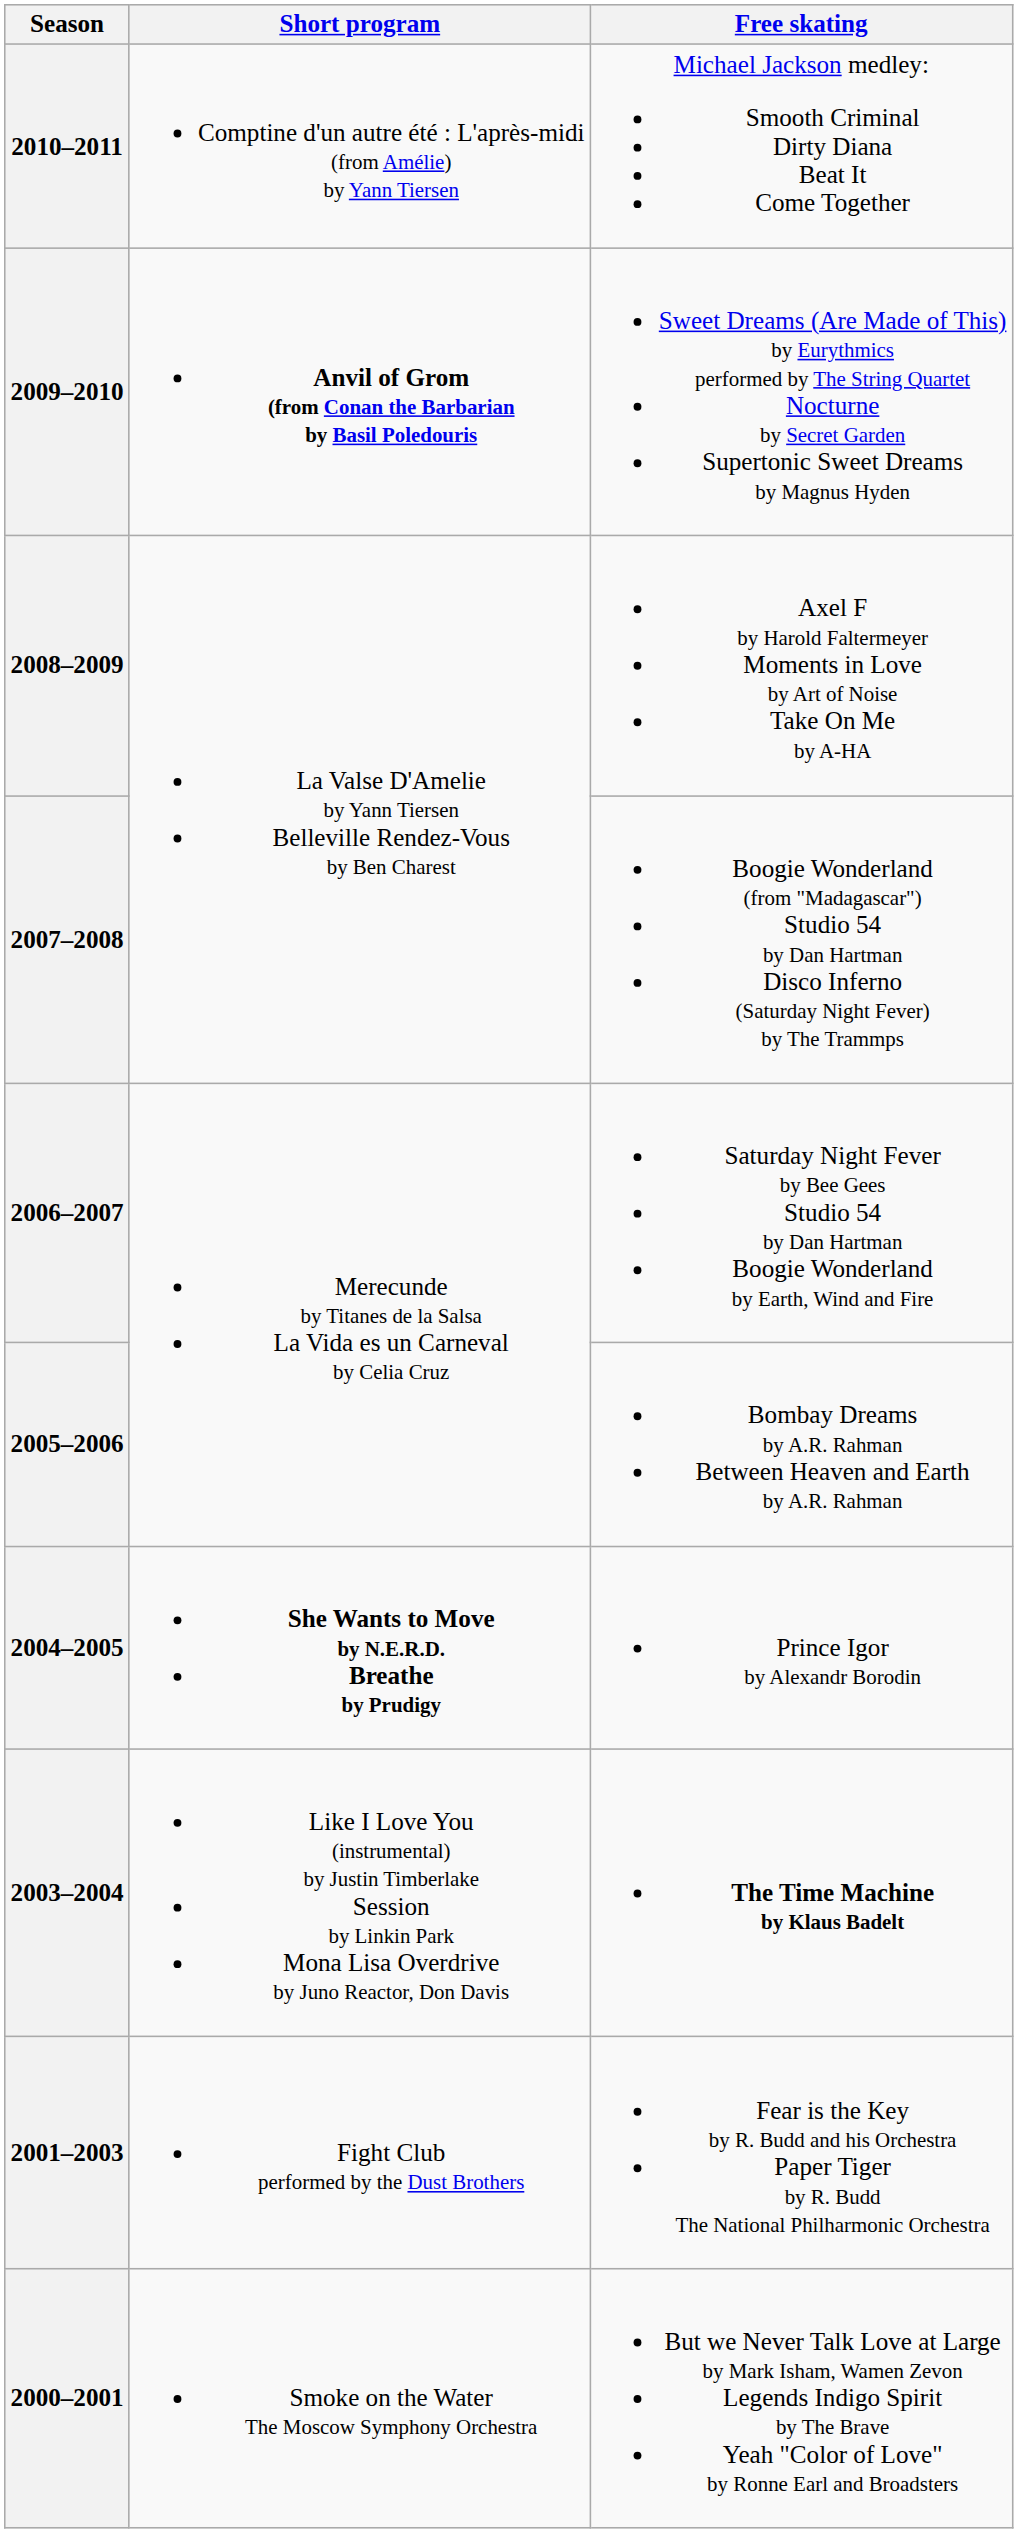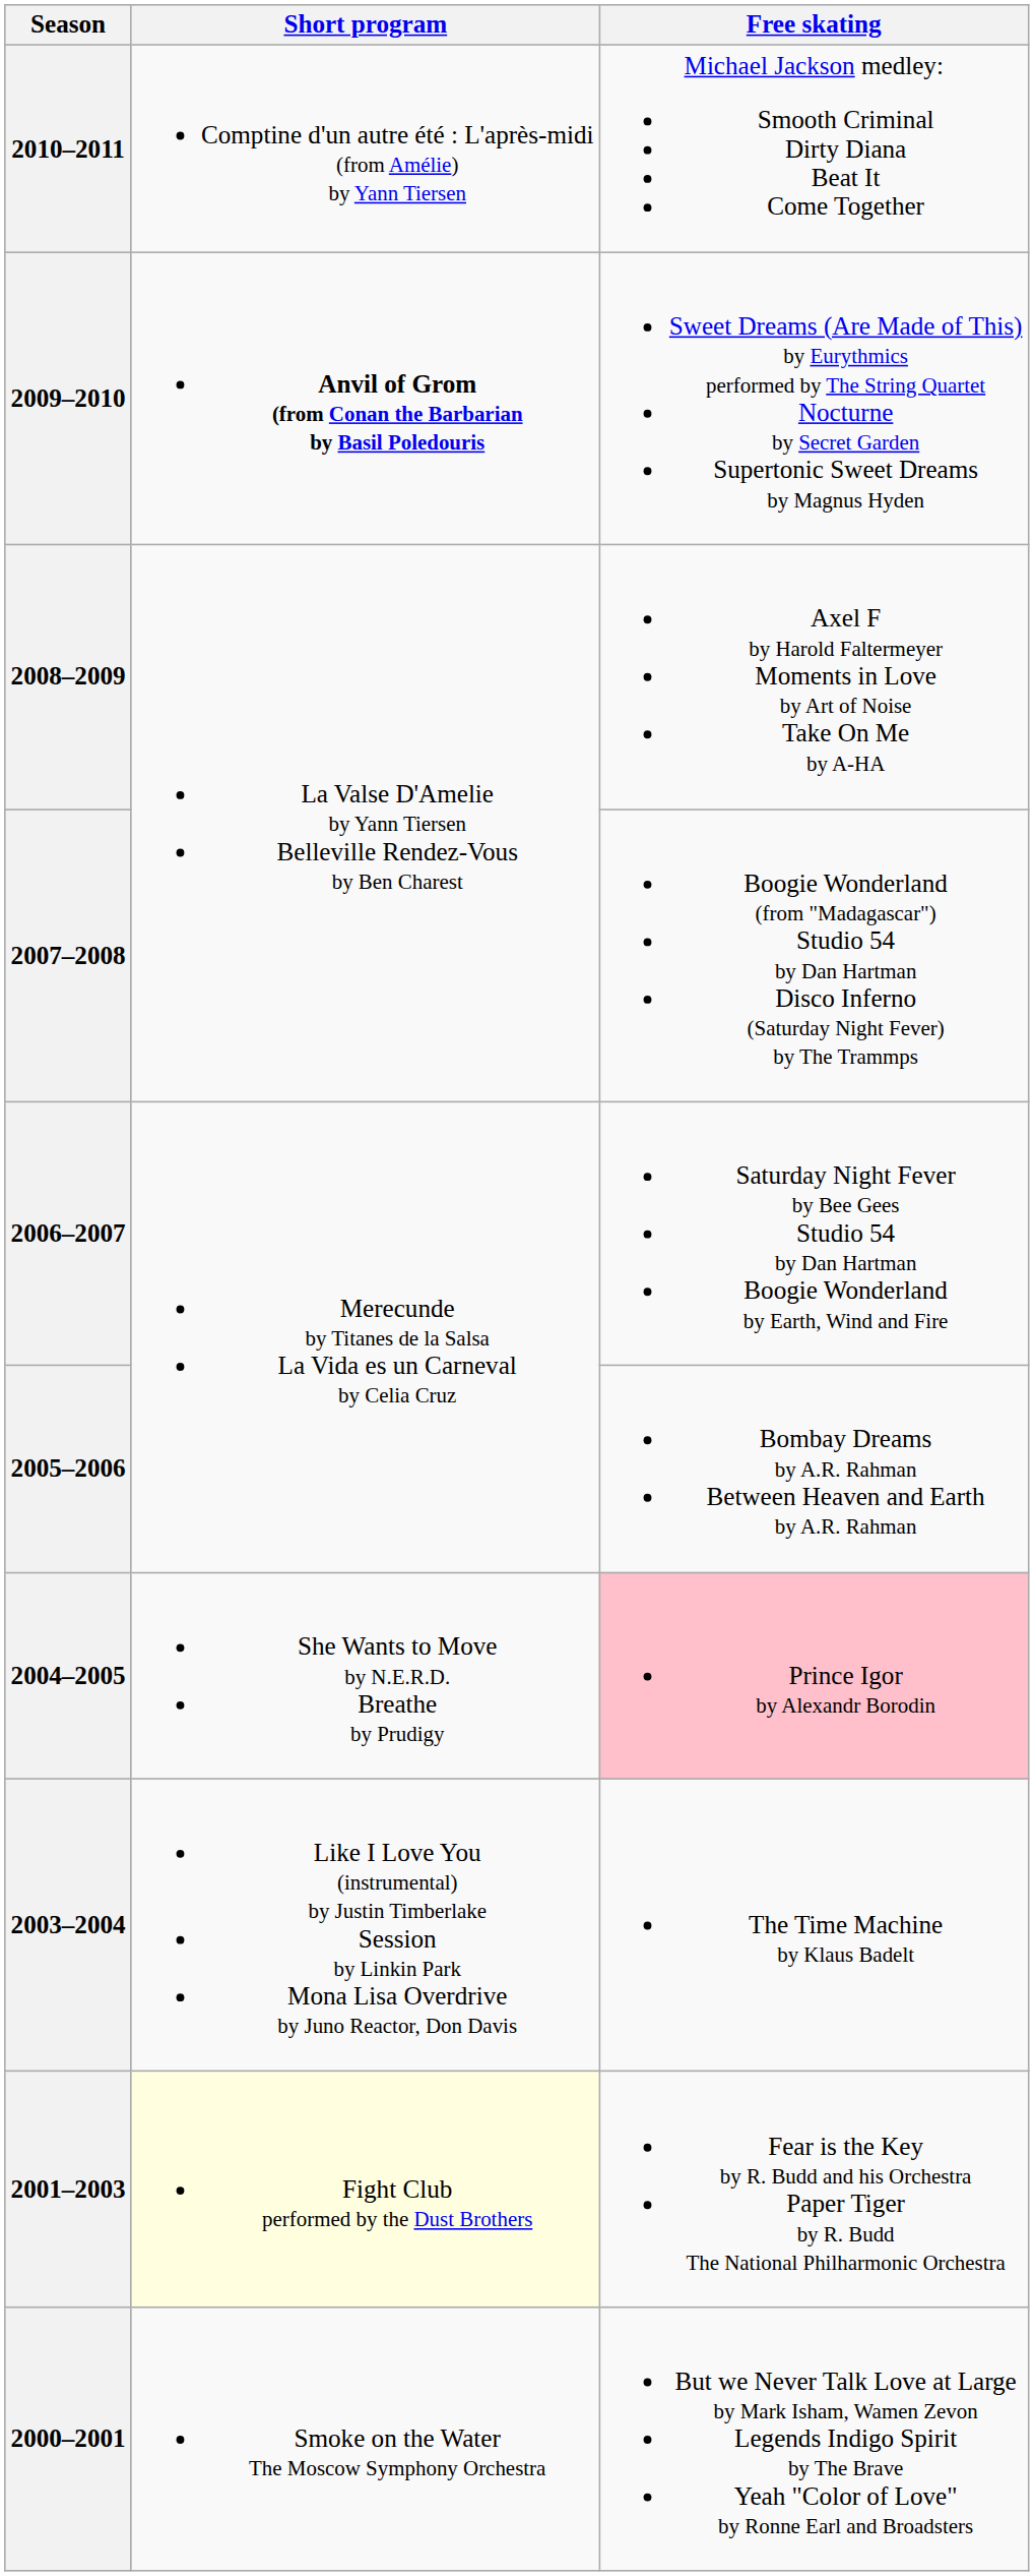 <table class="wikitable" style="text-align:center">
 <tr>
 <th>Season</th>
 <th><a href='#'>Short program</a></th>
 <th><a href='#'>Free skating</a></th>
 </tr>
 <tr>
 <th>2010–2011 <br> </th>
 <td><br><ul><li>Comptine d'un autre été : L'après-midi <br><small> (from <a href='#'>Amélie</a>) <br> by <a href='#'>Yann Tiersen</a> </small></li></ul></td>
 <td><a href='#'>Michael Jackson</a> medley:<br><ul><li>Smooth Criminal</li><li>Dirty Diana</li><li>Beat It</li><li>Come Together</li></ul></td>
 </tr>
 <tr>
 <th>2009–2010 <br> </th>
 <td><strong><br><ul><li>Anvil of Grom <br><small> (from <a href='#'>Conan the Barbarian</a> <br> by <a href='#'>Basil Poledouris</a> </small></li></ul></strong></td>
 <td><br><ul><li><a href='#'>Sweet Dreams (Are Made of This)</a> <br><small> by <a href='#'>Eurythmics</a> <br> performed by <a href='#'>The String Quartet</a> </small></li><li><a href='#'>Nocturne</a> <br><small> by <a href='#'>Secret Garden</a> </small></li><li>Supertonic Sweet Dreams <br><small> by Magnus Hyden </small></li></ul></td>
 </tr>
 <tr>
 <th>2008–2009 <br> </th>
 <td rowspan=2><br><ul><li>La Valse D'Amelie <br><small> by Yann Tiersen </small></li><li>Belleville Rendez-Vous <br><small> by Ben Charest </small></li></ul></td>
 <td><br><ul><li>Axel F <br><small> by Harold Faltermeyer </small></li><li>Moments in Love <br><small> by Art of Noise </small></li><li>Take On Me <br><small> by A-HA </small></li></ul></td>
 </tr>
 <tr>
 <th>2007–2008 <br> </th>
 <td><br><ul><li>Boogie Wonderland <br><small> (from "Madagascar") </small></li><li>Studio 54 <br><small> by Dan Hartman </small></li><li>Disco Inferno <br><small> (Saturday Night Fever) <br> by The Trammps </small></li></ul></td>
 </tr>
 <tr>
 <th>2006–2007 <br> </th>
 <td rowspan=2><br><ul><li>Merecunde <br><small> by Titanes de la Salsa </small></li><li>La Vida es un Carneval <br><small> by Celia Cruz </small></li></ul></td>
 <td><br><ul><li>Saturday Night Fever <br><small> by Bee Gees </small></li><li>Studio 54 <br><small> by Dan Hartman </small></li><li>Boogie Wonderland <br><small> by Earth, Wind and Fire </small></li></ul></td>
 </tr>
 <tr>
 <th>2005–2006 <br> </th>
 <td><br><ul><li>Bombay Dreams <br><small> by A.R. Rahman </small></li><li>Between Heaven and Earth <br><small> by A.R. Rahman </small></li></ul></td>
 </tr>
 <tr>
 <th>2004–2005 <br> </th>
-<td><strong><br><ul><li>She Wants to Move <br><small> by N.E.R.D. </small></li><li>Breathe <br><small> by Prudigy </small></li></ul></strong></td>
-<td><br><ul><li>Prince Igor <br><small> by Alexandr Borodin </small></li></ul></td>
+<td><br><ul><li>She Wants to Move <br><small> by N.E.R.D. </small></li><li>Breathe <br><small> by Prudigy </small></li></ul></td>
+<td style="background: pink;"><br><ul><li>Prince Igor <br><small> by Alexandr Borodin </small></li></ul></td>
 </tr>
 <tr>
 <th>2003–2004 <br> </th>
 <td><br><ul><li>Like I Love You <br><small> (instrumental) <br> by Justin Timberlake </small></li><li>Session <br><small> by Linkin Park </small></li><li>Mona Lisa Overdrive <br><small> by Juno Reactor, Don Davis </small></li></ul></td>
-<td><strong><br><ul><li>The Time Machine <br><small> by Klaus Badelt </small></li></ul></strong></td>
+<td><br><ul><li>The Time Machine <br><small> by Klaus Badelt </small></li></ul></td>
 </tr>
 <tr>
 <th>2001–2003 <br> </th>
-<td><br><ul><li>Fight Club <br><small> performed by the <a href='#'>Dust Brothers</a> </small></li></ul></td>
+<td style="background: lightyellow;"><br><ul><li>Fight Club <br><small> performed by the <a href='#'>Dust Brothers</a> </small></li></ul></td>
 <td><br><ul><li>Fear is the Key <br><small> by R. Budd and his Orchestra </small></li><li>Paper Tiger <br><small> by R. Budd <br> The National Philharmonic Orchestra </small></li></ul></td>
 </tr>
 <tr>
 <th>2000–2001 <br> </th>
 <td><br><ul><li>Smoke on the Water <br><small> The Moscow Symphony Orchestra </small></li></ul></td>
 <td><br><ul><li>But we Never Talk Love at Large <br><small> by Mark Isham, Wamen Zevon </small></li><li>Legends Indigo Spirit <br><small> by The Brave </small></li><li>Yeah "Color of Love" <br><small> by Ronne Earl and Broadsters </small></li></ul></td>
 </tr>
 </table>
